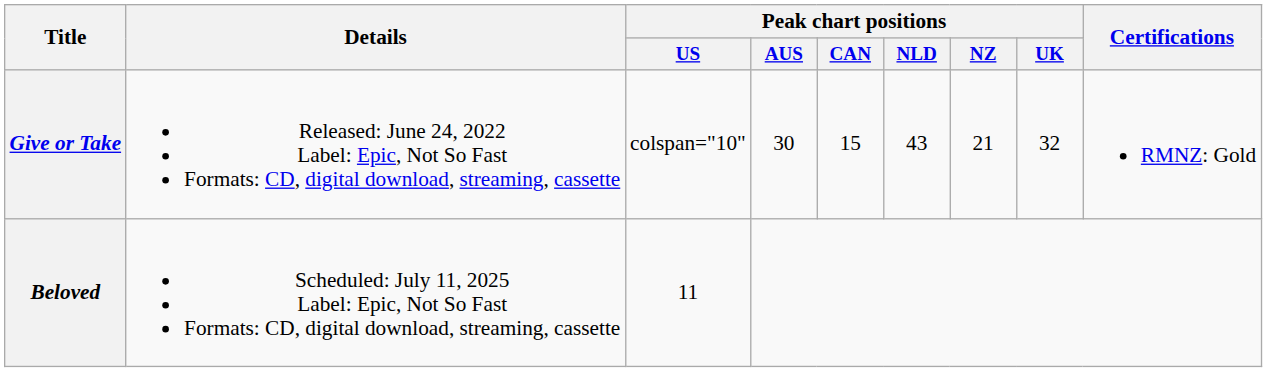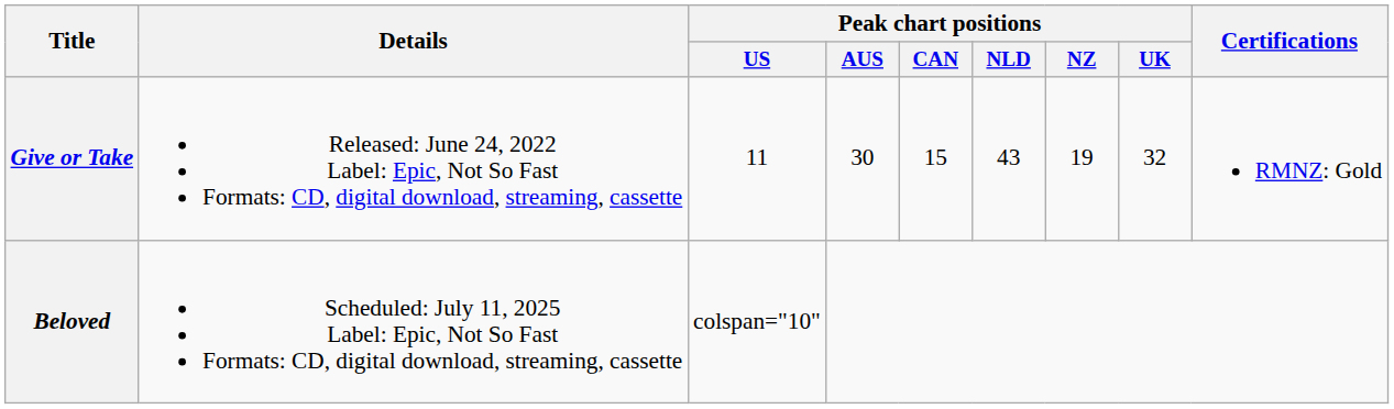 <table class="wikitable plainrowheaders" style="text-align:center">
 <tr>
 <th scope="col" rowspan="2">Title</th>
 <th scope="col" rowspan="2">Details</th>
 <th scope="col" colspan="6">Peak chart positions</th>
 <th scope="col" rowspan="2"><a href='#'>Certifications</a></th>
 </tr>
 <tr>
 <th scope="col" style="width:3em;font-size:90%;"><a href='#'>US</a><br></th>
 <th scope="col" style="width:3em;font-size:90%;"><a href='#'>AUS</a><br></th>
 <th scope="col" style="width:3em;font-size:90%;"><a href='#'>CAN</a><br></th>
 <th scope="col" style="width:3em;font-size:90%;"><a href='#'>NLD</a><br></th>
 <th scope="col" style="width:3em;font-size:90%;"><a href='#'>NZ</a><br></th>
 <th scope="col" style="width:3em;font-size:90%;"><a href='#'>UK</a><br></th>
 </tr>
 <tr>
 <th scope="row"><em><a href='#'>Give or Take</a></em></th>
 <td><br><ul><li>Released: June 24, 2022</li><li>Label: <a href='#'>Epic</a>, Not So Fast</li><li>Formats: <a href='#'>CD</a>, <a href='#'>digital download</a>, <a href='#'>streaming</a>, <a href='#'>cassette</a></li></ul></td>
-<td>colspan="10" </td>
+<td>11</td>
 <td>30</td>
 <td>15</td>
 <td>43</td>
-<td>21</td>
+<td>19</td>
 <td>32</td>
 <td><br><ul><li><a href='#'>RMNZ</a>: Gold</li></ul></td>
 </tr>
 <tr>
 <th scope="row"><em>Beloved</em></th>
 <td><br><ul><li>Scheduled: July 11, 2025</li><li>Label: Epic, Not So Fast</li><li>Formats: CD, digital download, streaming, cassette</li></ul></td>
-<td>11</td>
+<td>colspan="10" </td>
 </tr>
 </table>
